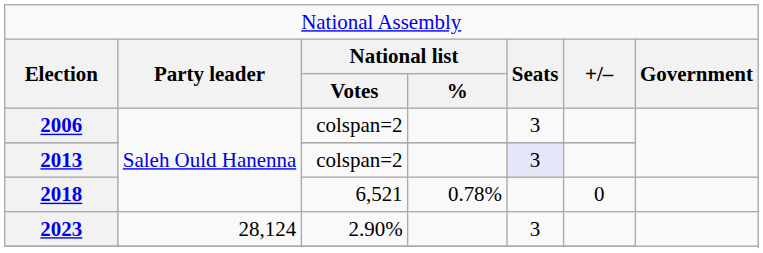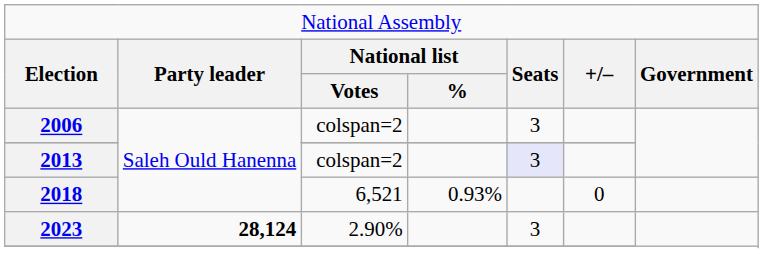 <table class="wikitable" style="text-align:right;font-size:95%;">
 <tr>
 <td colspan="7" align="center"><a href='#'>National Assembly</a></td>
 </tr>
 <tr>
 <th rowspan="2" width="75">Election</th>
 <th rowspan="2">Party leader</th>
 <th colspan="2">National list</th>
 <th rowspan="2">Seats</th>
 <th rowspan="2" width="45">+/–</th>
 <th rowspan="2">Government</th>
 </tr>
 <tr>
 <th width="70">Votes</th>
 <th width="65">%</th>
 </tr>
 <tr>
 <th><a href='#'>2006</a></th>
 <td rowspan="4" align="left"><a href='#'>Saleh Ould Hanenna</a></td>
 <td>colspan=2 </td>
 <td></td>
 <td style="text-align:center;"> 3</td>
 <td></td>
 </tr>
 <tr>
 </tr>
 <tr>
 <th><a href='#'>2013</a></th>
 <td>colspan=2 </td>
 <td></td>
 <td style="background: lavender; text-align:center;"> 3</td>
 <td></td>
 </tr>
 <tr>
 <th><a href='#'>2018</a></th>
 <td>6,521</td>
-<td>0.78%</td>
+<td>0.93%</td>
 <td></td>
 <td style="text-align:center;"> 0</td>
 <td></td>
 </tr>
 <tr>
 <th><a href='#'>2023</a></th>
-<td>28,124</td>
+<td><strong>28,124</strong></td>
 <td>2.90%</td>
 <td></td>
 <td style="text-align:center;"> 3</td>
 <td></td>
 </tr>
 <tr>
 </tr>
 </table>
